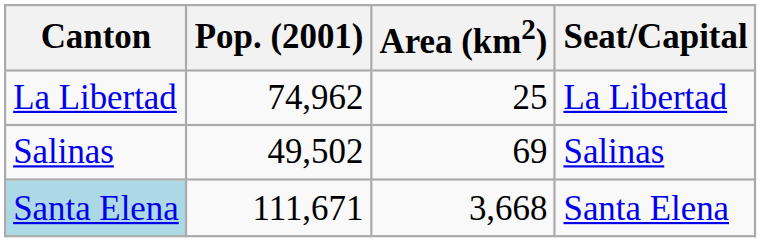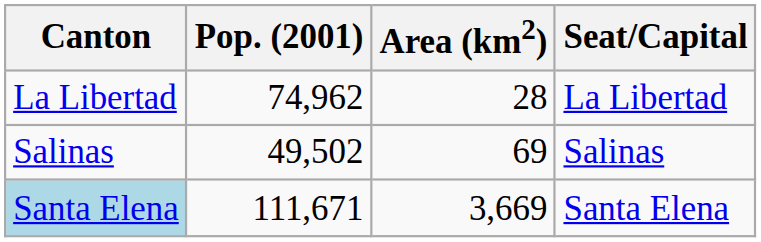 <table class="wikitable sortable">
 <tr>
 <th>Canton</th>
 <th>Pop. (2001)</th>
 <th>Area (km<sup>2</sup>)</th>
 <th>Seat/Capital</th>
 </tr>
 <tr>
 <td><a href='#'>La Libertad</a></td>
 <td align=right>74,962</td>
-<td align=right>25</td>
+<td align=right>28</td>
 <td><a href='#'>La Libertad</a></td>
 </tr>
 <tr>
 <td><a href='#'>Salinas</a></td>
 <td align=right>49,502</td>
 <td align=right>69</td>
 <td><a href='#'>Salinas</a></td>
 </tr>
 <tr>
 <td style="background: lightblue;"><a href='#'>Santa Elena</a></td>
 <td align=right>111,671</td>
-<td align=right>3,668</td>
+<td align=right>3,669</td>
 <td><a href='#'>Santa Elena</a></td>
 </tr>
 </table>
